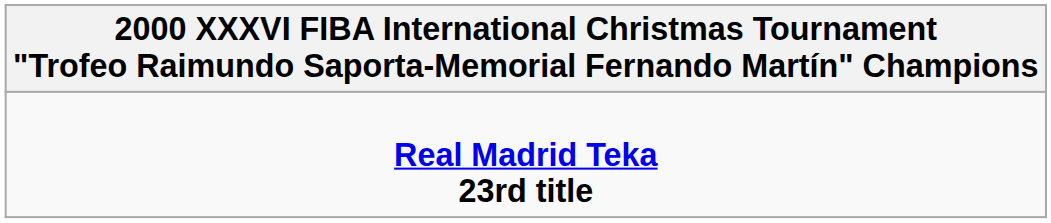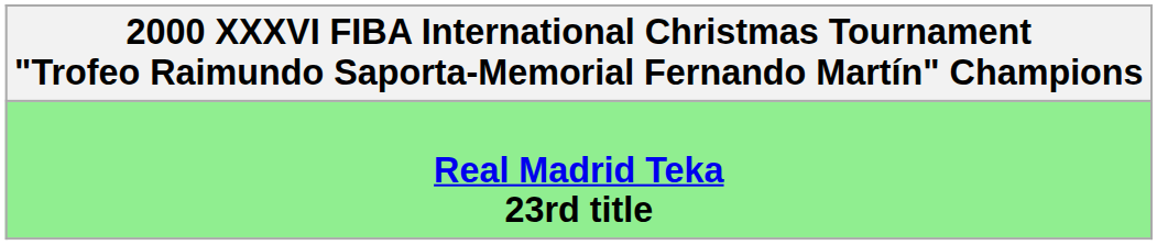 <table class=wikitable style="text-align:center; margin:auto">
 <tr>
 <th>2000 XXXVI FIBA International Christmas Tournament<br>"Trofeo Raimundo Saporta-Memorial Fernando Martín" Champions</th>
 </tr>
 <tr>
-<td><br> <strong><a href='#'>Real Madrid Teka</a></strong> <br> <strong>23rd title</strong></td>
+<td style="background: lightgreen;"><br> <strong><a href='#'>Real Madrid Teka</a></strong> <br> <strong>23rd title</strong></td>
 </tr>
 </table>
